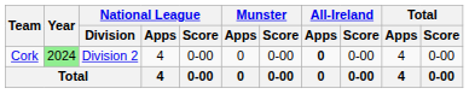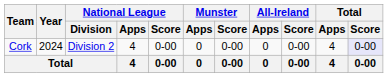 <table class="wikitable" style="text-align:center">
 <tr>
 <th rowspan="2">Team</th>
 <th rowspan="2">Year</th>
 <th colspan="3"><a href='#'>National League</a></th>
 <th colspan="2"><a href='#'>Munster</a></th>
 <th colspan="2"><a href='#'>All-Ireland</a></th>
 <th colspan="2">Total</th>
 </tr>
 <tr>
 <th>Division</th>
 <th>Apps</th>
 <th>Score</th>
 <th>Apps</th>
 <th>Score</th>
 <th>Apps</th>
 <th>Score</th>
 <th>Apps</th>
 <th>Score</th>
 </tr>
 <tr>
 <td rowspan="1"><a href='#'>Cork</a></td>
-<td style="background: lightgreen;">2024</td>
+<td>2024</td>
 <td rowspan="1"><a href='#'>Division 2</a></td>
 <td>4</td>
 <td>0-00</td>
 <td>0</td>
 <td>0-00</td>
-<td><strong>0</strong></td>
+<td>0</td>
 <td>0-00</td>
 <td>4</td>
-<td>0-00</td>
+<td style="background: lavender;">0-00</td>
 </tr>
 <tr>
 <th colspan="3">Total</th>
 <th>4</th>
 <th>0-00</th>
 <th>0</th>
 <th>0-00</th>
 <th>0</th>
 <th>0-00</th>
 <th>4</th>
 <th>0-00</th>
 </tr>
 </table>
